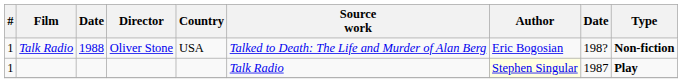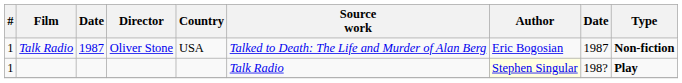 <table class="wikitable">
 <tr>
 <th>#</th>
 <th>Film</th>
 <th>Date</th>
 <th>Director</th>
 <th>Country</th>
 <th>Source<br>work</th>
 <th>Author</th>
 <th>Date</th>
 <th>Type</th>
 </tr>
 <tr>
 <td>1</td>
 <td><em><a href='#'>Talk Radio</a></em></td>
-<td><a href='#'>1988</a></td>
+<td><a href='#'>1987</a></td>
 <td><a href='#'>Oliver Stone</a></td>
 <td>USA</td>
 <td><em><a href='#'>Talked to Death: The Life and Murder of Alan Berg</a></em></td>
 <td><a href='#'>Eric Bogosian</a></td>
-<td>198?</td>
+<td>1987</td>
 <td><strong>Non-fiction</strong></td>
 </tr>
 <tr>
 <td>1</td>
 <td></td>
 <td></td>
 <td></td>
 <td></td>
 <td><em><a href='#'>Talk Radio</a></em></td>
 <td style="background: lightyellow;"><a href='#'>Stephen Singular</a></td>
-<td>1987</td>
+<td>198?</td>
 <td><strong>Play</strong></td>
 </tr>
 <tr>
 </tr>
 </table>
